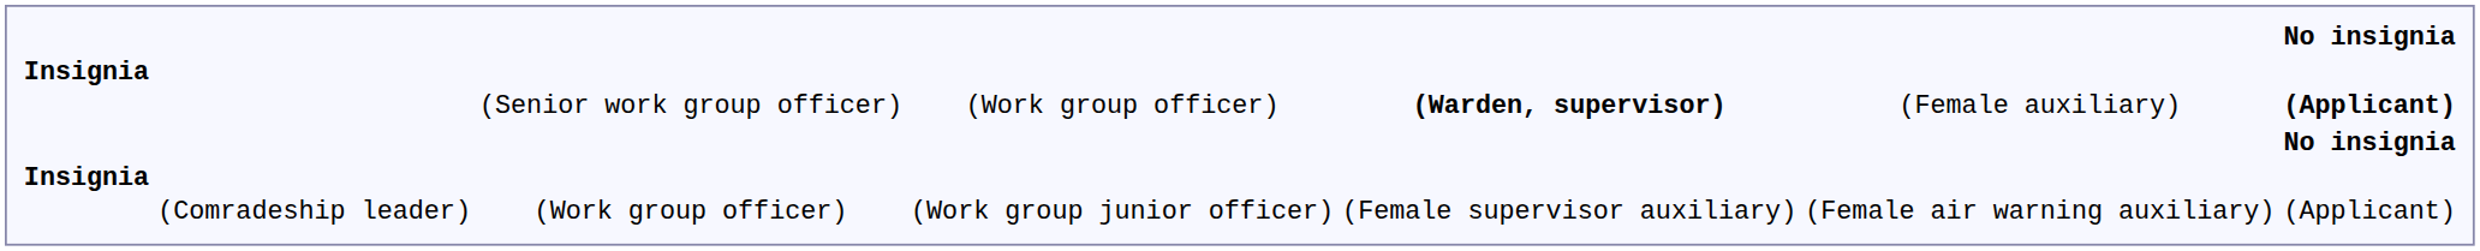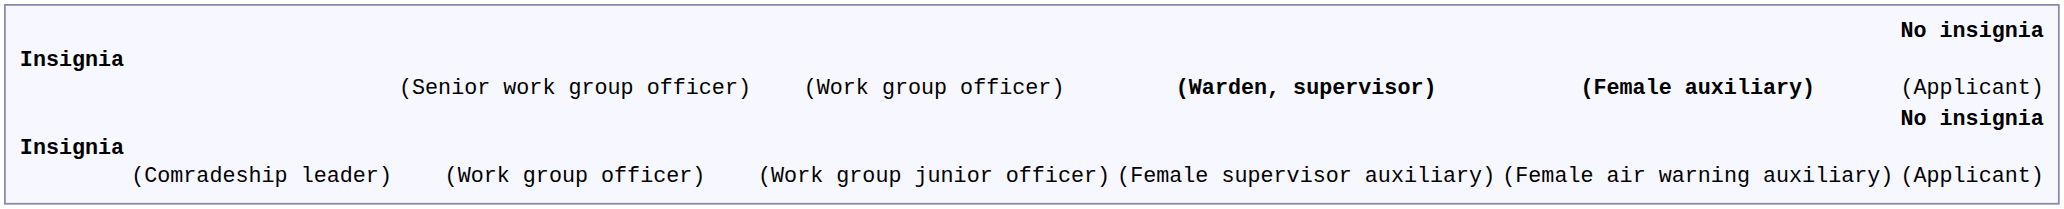 <table style="border:1px solid #8888aa; background-color:#f7f8ff; padding:5px; font-size:95%; margin: 0px 12px 12px 0px;">
 <tr style="text-align:center;">
 <td rowspan=2><strong>Insignia</strong><br></td>
 <td rowspan=2></td>
 <td></td>
 <td></td>
 <td></td>
 <td></td>
 <td><strong>No insignia</strong></td>
 </tr>
 <tr style="text-align:center;">
 <td><br>(Senior work group officer)</td>
 <td><br>(Work group officer)</td>
 <td><strong><br>(Warden, supervisor)</strong></td>
-<td><br>(Female auxiliary)</td>
-<td><strong><br>(Applicant)</strong></td>
+<td><strong><br>(Female auxiliary)</strong></td>
+<td><br>(Applicant)</td>
 </tr>
 <tr style="text-align:center;">
 <td rowspan=2><strong>Insignia</strong><br></td>
 <td></td>
 <td></td>
 <td></td>
 <td></td>
 <td></td>
 <td><strong>No insignia</strong></td>
 </tr>
 <tr style="text-align:center;">
 <td><br>(Comradeship leader)</td>
 <td><br>(Work group officer)</td>
 <td><br>(Work group junior officer)</td>
 <td><br>(Female supervisor auxiliary)</td>
 <td><br>(Female air warning auxiliary)</td>
 <td><br>(Applicant)</td>
 </tr>
 </table>
